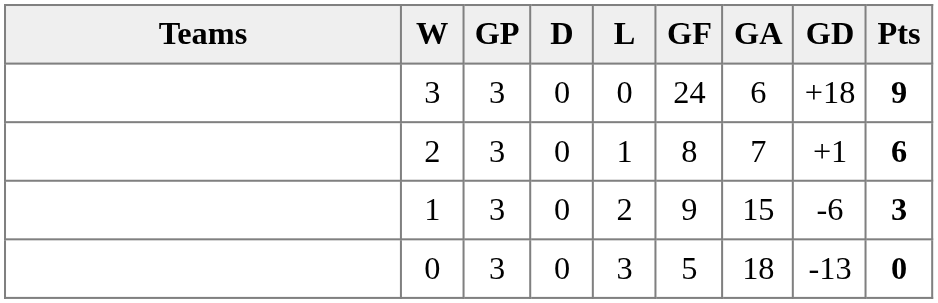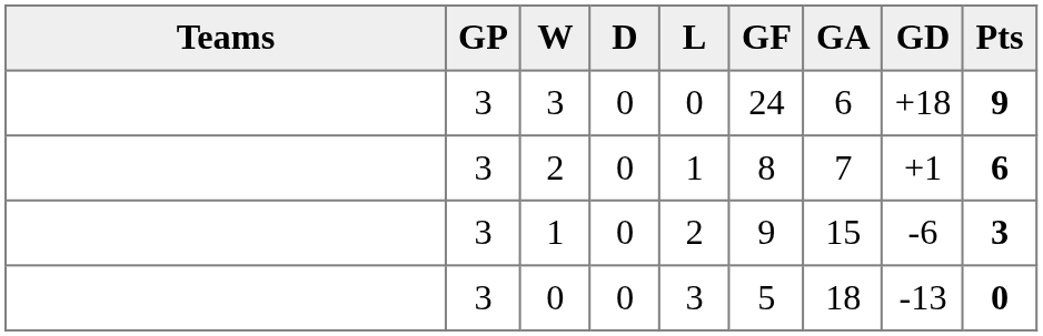 <table style=border-collapse:collapse border=1 cellspacing=0 cellpadding=5>
 <tr align=center bgcolor=#efefef>
 <th width=185>Teams</th>
+<th width=20>GP</th>
 <th width=20>W</th>
-<th width=20>GP</th>
 <th width=20>D</th>
 <th width=20>L</th>
 <th width=20>GF</th>
 <th width=20>GA</th>
 <th width=20>GD</th>
 <th width=20>Pts<br></th>
 </tr>
 <tr align=center>
 <td style="text-align:left;"></td>
 <td>3</td>
 <td>3</td>
 <td>0</td>
 <td>0</td>
 <td>24</td>
 <td>6</td>
 <td>+18</td>
 <td><strong>9</strong></td>
 </tr>
 <tr align=center>
 <td style="text-align:left;"></td>
+<td>3</td>
 <td>2</td>
-<td>3</td>
 <td>0</td>
 <td>1</td>
 <td>8</td>
 <td>7</td>
 <td>+1</td>
 <td><strong>6</strong></td>
 </tr>
 <tr align=center>
 <td style="text-align:left;"></td>
+<td>3</td>
 <td>1</td>
-<td>3</td>
 <td>0</td>
 <td>2</td>
 <td>9</td>
 <td>15</td>
 <td>-6</td>
 <td><strong>3</strong></td>
 </tr>
 <tr align=center>
 <td style="text-align:left;"></td>
+<td>3</td>
 <td>0</td>
-<td>3</td>
 <td>0</td>
 <td>3</td>
 <td>5</td>
 <td>18</td>
 <td>-13</td>
 <td><strong>0</strong></td>
 </tr>
 </table>
